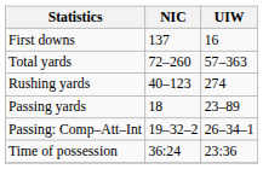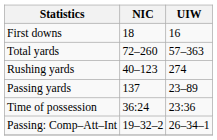 <table class="wikitable" style="float: left;">
 <tr>
 <th>Statistics</th>
 <th>NIC</th>
 <th>UIW</th>
 </tr>
 <tr>
 <td>First downs</td>
-<td>137</td>
+<td>18</td>
 <td>16</td>
 </tr>
 <tr>
 <td>Total yards</td>
 <td>72–260</td>
 <td>57–363</td>
 </tr>
 <tr>
 <td>Rushing yards</td>
 <td>40–123</td>
 <td>274</td>
 </tr>
 <tr>
 <td>Passing yards</td>
-<td>18</td>
+<td>137</td>
 <td>23–89</td>
+</tr>
+<tr>
+<td>Time of possession</td>
+<td>36:24</td>
+<td>23:36</td>
 </tr>
 <tr>
 <td>Passing: Comp–Att–Int</td>
 <td>19–32–2</td>
 <td>26–34–1</td>
 </tr>
 <tr>
-<td>Time of possession</td>
-<td>36:24</td>
-<td>23:36</td>
-</tr>
-<tr>
 </tr>
 </table>
